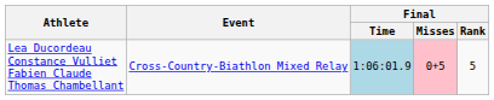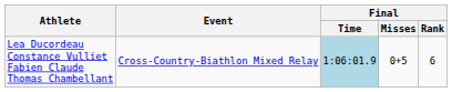 <table class="wikitable">
 <tr>
 <th rowspan="2">Athlete</th>
 <th rowspan="2">Event</th>
 <th colspan="3">Final</th>
 </tr>
 <tr>
 <th>Time</th>
 <th>Misses</th>
 <th>Rank</th>
 </tr>
 <tr>
 <td><a href='#'>Lea Ducordeau</a><br><a href='#'>Constance Vulliet</a><br><a href='#'>Fabien Claude</a><br><a href='#'>Thomas Chambellant</a></td>
 <td><a href='#'>Cross-Country-Biathlon Mixed Relay</a></td>
 <td align="center" style="background: lightblue;">1:06:01.9</td>
-<td align="center" style="background: pink;">0+5</td>
-<td align="center">5</td>
+<td align="center">0+5</td>
+<td align="center">6</td>
 </tr>
 </table>
